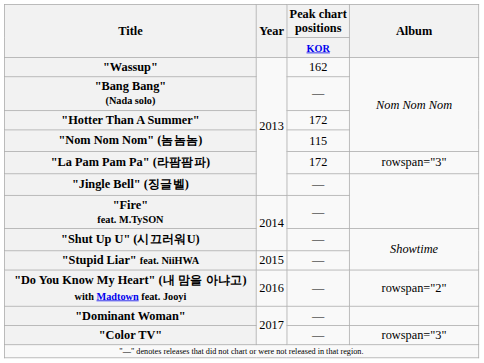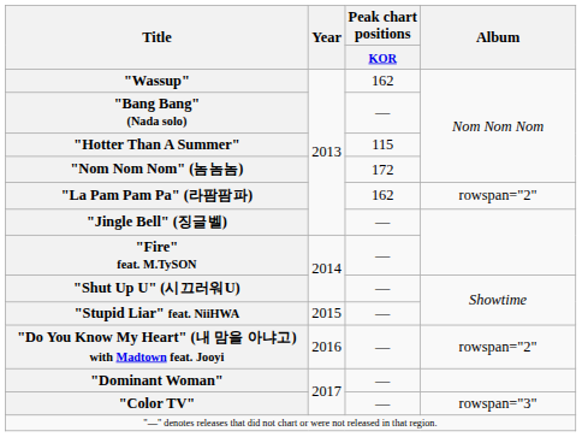 <table class="wikitable plainrowheaders" style="text-align:center;" border="1">
 <tr>
 <th scope="col" rowspan="2" style="width:20em;">Title</th>
 <th scope="col" rowspan="2">Year</th>
 <th scope="col" colspan="1">Peak chart <br> positions</th>
 <th scope="col" rowspan="2" style="width:10em;">Album</th>
 </tr>
 <tr>
 <th><small><a href='#'>KOR</a></small><br></th>
 </tr>
 <tr>
 <th scope="row">"Wassup"</th>
 <td rowspan="6">2013</td>
 <td>162</td>
 <td rowspan="4"><em>Nom Nom Nom</em></td>
 </tr>
 <tr>
 <th scope="row">"Bang Bang" <br><small>(Nada solo)</small></th>
 <td>—</td>
 </tr>
 <tr>
 <th scope="row">"Hotter Than A Summer"</th>
+<td>115</td>
+</tr>
+<tr>
+<th scope="row">"Nom Nom Nom" (놈놈놈)</th>
 <td>172</td>
 </tr>
 <tr>
-<th scope="row">"Nom Nom Nom" (놈놈놈)</th>
-<td>115</td>
-</tr>
-<tr>
 <th scope="row">"La Pam Pam Pa" (라팜팜파)</th>
-<td>172</td>
-<td>rowspan="3" </td>
+<td>162</td>
+<td>rowspan="2" </td>
 </tr>
 <tr>
 <th scope="row">"Jingle Bell" (징글벨)</th>
 <td>—</td>
 </tr>
 <tr>
 <th scope="row">"Fire" <br><small>feat. M.TySON</small></th>
 <td rowspan="2">2014</td>
 <td>—</td>
 </tr>
 <tr>
 <th scope="row">"Shut Up U" (시끄러워U)</th>
 <td>—</td>
 <td rowspan="2"><em>Showtime</em></td>
 </tr>
 <tr>
 <th scope="row">"Stupid Liar" <small>feat. NiiHWA</small></th>
 <td>2015</td>
 <td>—</td>
 </tr>
 <tr>
 <th scope="row">"Do You Know My Heart" (내 맘을 아냐고) <br><small>with <a href='#'>Madtown</a> feat. Jooyi</small></th>
 <td>2016</td>
 <td>—</td>
 <td>rowspan="2" </td>
 </tr>
 <tr>
 <th scope="row">"Dominant Woman"</th>
 <td rowspan="2">2017</td>
 <td>—</td>
 </tr>
 <tr>
 <th scope="row">"Color TV"</th>
 <td>—</td>
 <td>rowspan="3" </td>
 </tr>
 <tr>
 <td colspan="4" style="text-align:center; font-size:8pt;">"—" denotes releases that did not chart or were not released in that region.</td>
 </tr>
 </table>
